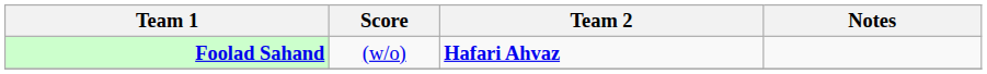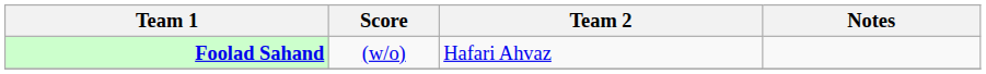 <table class="wikitable" style="text-align:center">
 <tr>
 <th width=250>Team 1</th>
 <th width=80>Score</th>
 <th width=250>Team 2</th>
 <th width=165>Notes</th>
 </tr>
 <tr>
 <td style="background:#cfc;" align="right"><strong><a href='#'>Foolad Sahand</a></strong></td>
 <td><a href='#'>(w/o)</a></td>
-<td align="left"><strong><a href='#'>Hafari Ahvaz</a></strong></td>
+<td align="left"><a href='#'>Hafari Ahvaz</a></td>
 <td></td>
 </tr>
 <tr>
 </tr>
 </table>
